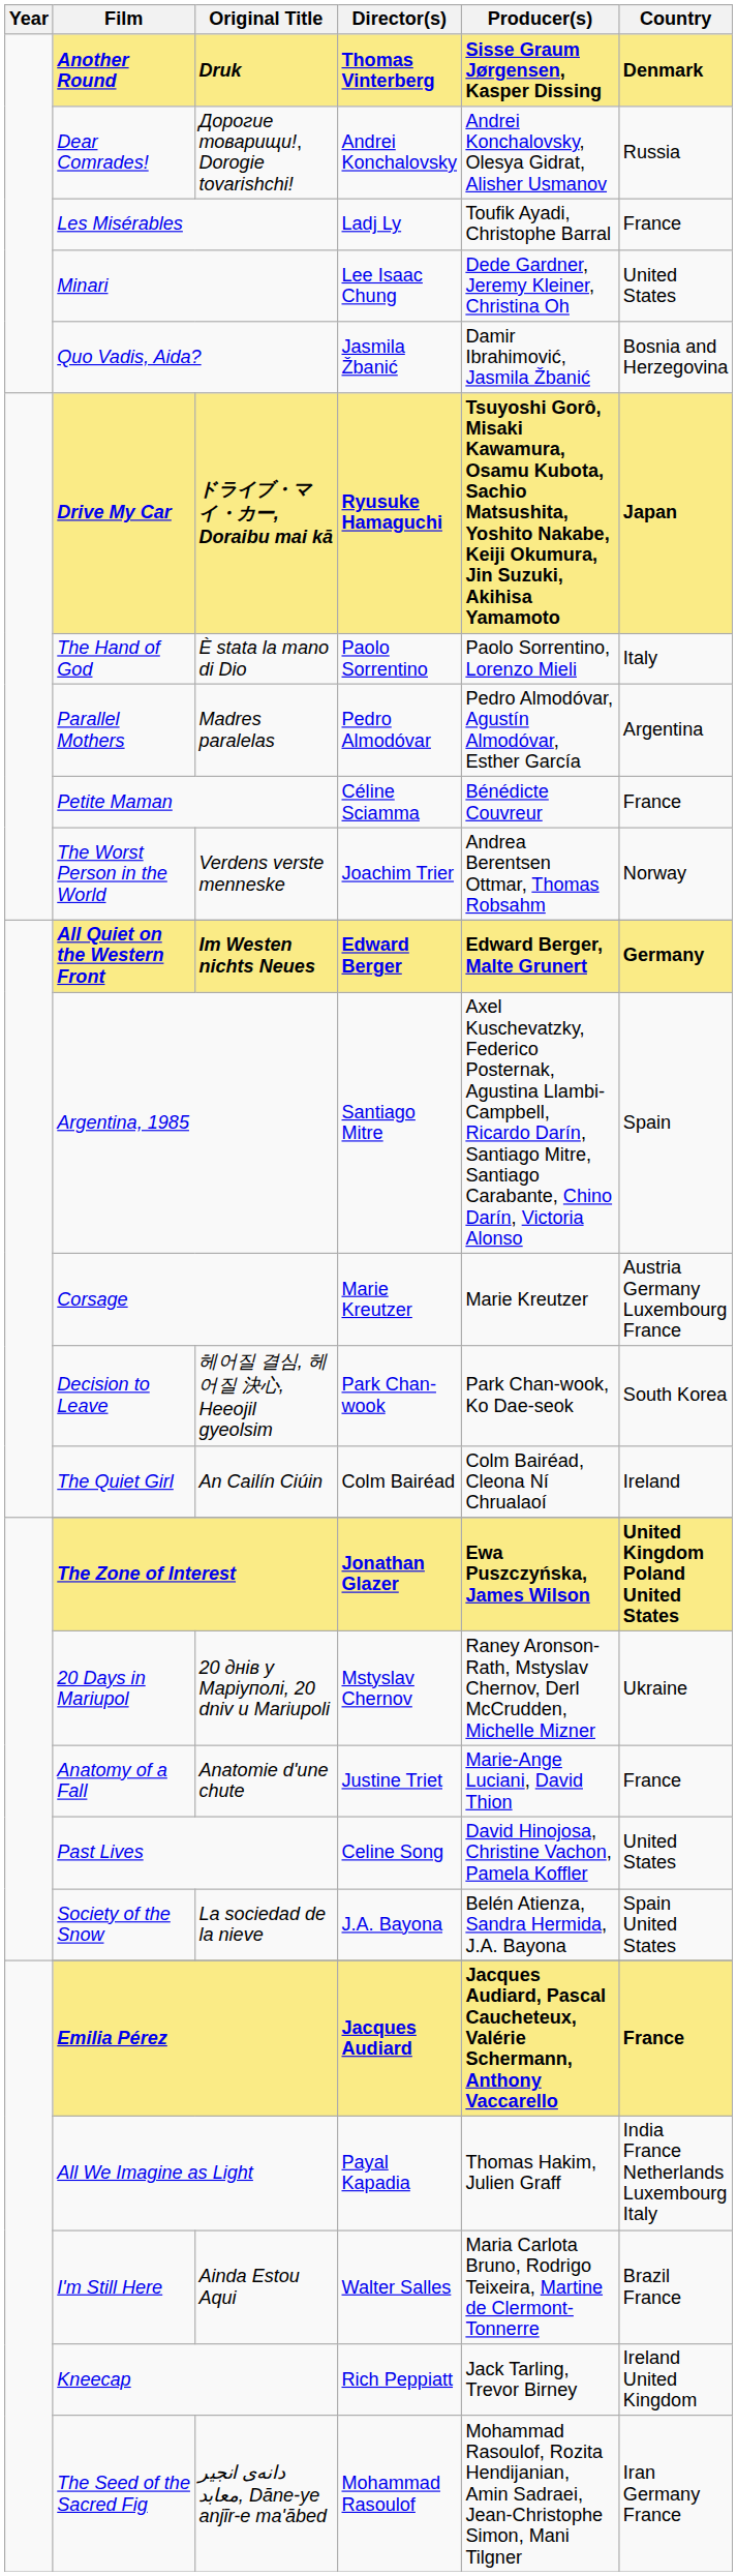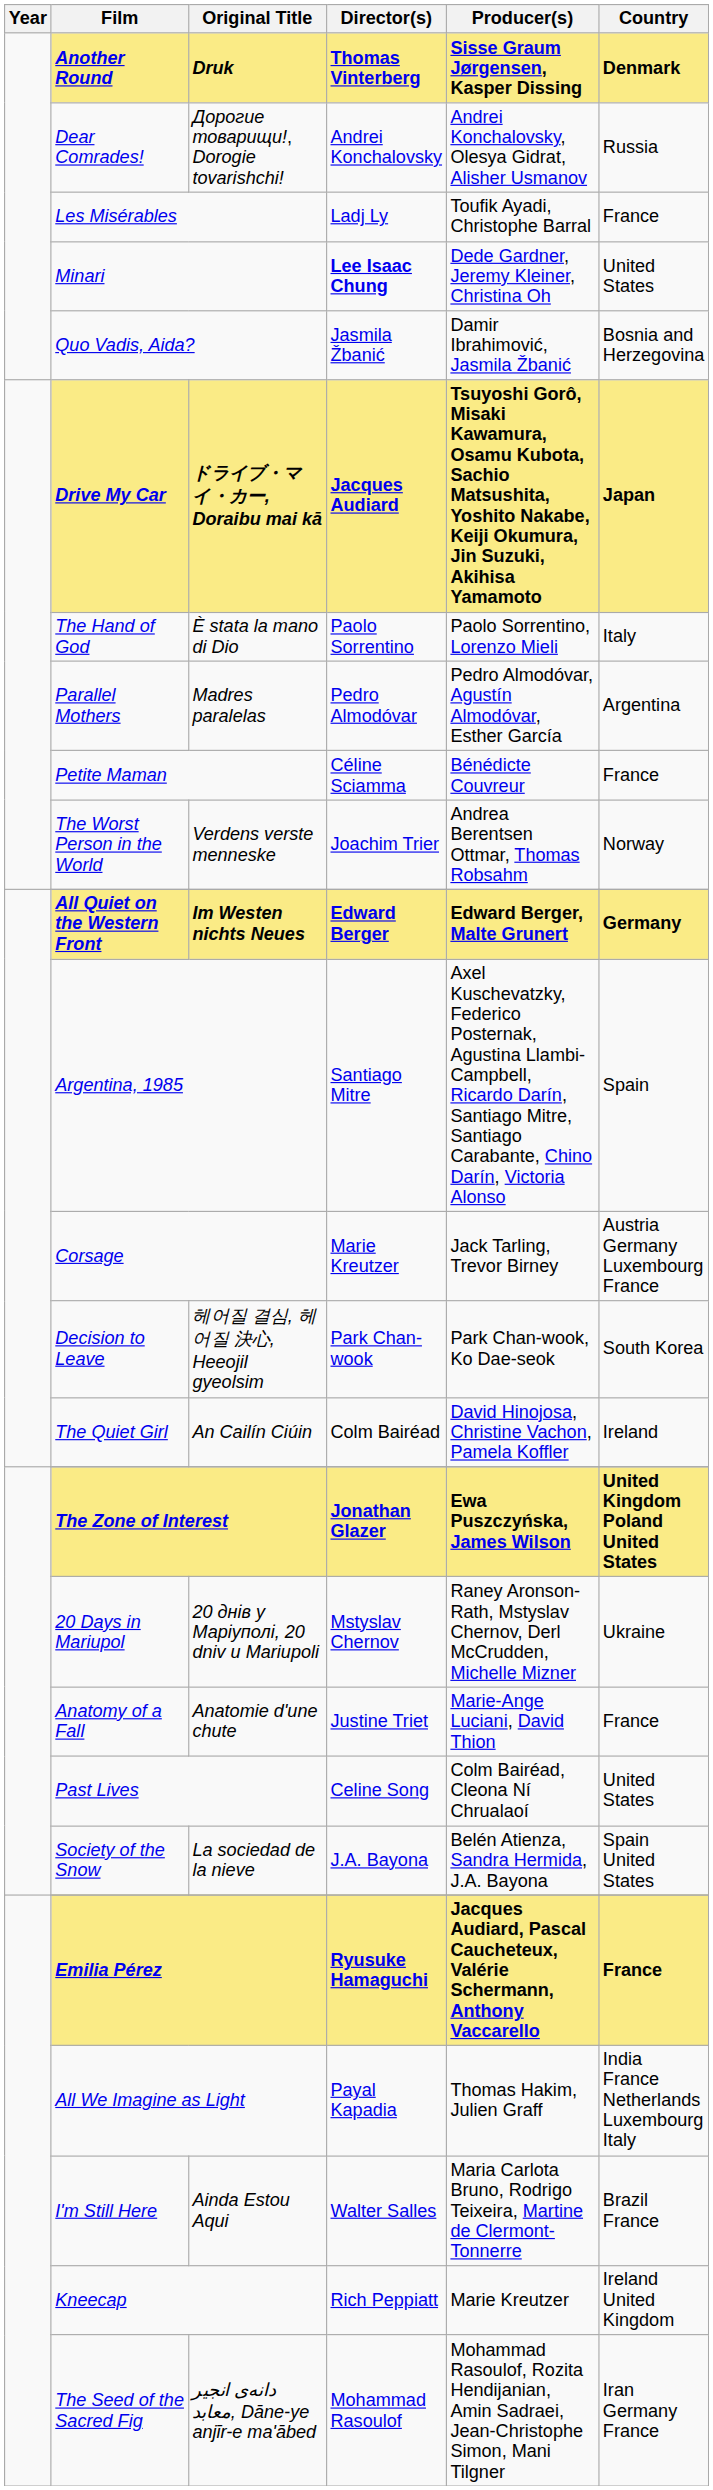 <table class="wikitable" style="width:100%;" cellpadding="5">
 <tr>
 <th style="width:5%;">Year</th>
 <th style="width:20%;">Film</th>
 <th style="width:20%;">Original Title</th>
 <th style="width:15%;">Director(s)</th>
 <th style="width:22%;">Producer(s)</th>
 <th style="width:15%;">Country</th>
 </tr>
 <tr>
 <td rowspan="5"></td>
 <td style="background:#FAEB86"><strong><em><a href='#'>Another Round</a></em></strong></td>
 <td style="background:#FAEB86"><strong><em>Druk</em></strong></td>
 <td style="background:#FAEB86"><strong><a href='#'>Thomas Vinterberg</a></strong></td>
 <td style="background:#FAEB86"><strong><a href='#'>Sisse Graum Jørgensen</a>, Kasper Dissing</strong></td>
 <td style="background:#FAEB86"><strong>Denmark</strong></td>
 </tr>
 <tr>
 <td><em><a href='#'>Dear Comrades!</a></em></td>
 <td><em>Дорогие товарищи!</em>, <em>Dorogie tovarishchi!</em></td>
 <td><a href='#'>Andrei Konchalovsky</a></td>
 <td><a href='#'>Andrei Konchalovsky</a>, Olesya Gidrat, <a href='#'>Alisher Usmanov</a></td>
 <td>Russia</td>
 </tr>
 <tr>
 <td colspan="2"><em><a href='#'>Les Misérables</a></em></td>
 <td><a href='#'>Ladj Ly</a></td>
 <td>Toufik Ayadi, Christophe Barral</td>
 <td>France</td>
 </tr>
 <tr>
 <td colspan="2"><em><a href='#'>Minari</a></em></td>
-<td><a href='#'>Lee Isaac Chung</a></td>
+<td><strong><a href='#'>Lee Isaac Chung</a></strong></td>
 <td><a href='#'>Dede Gardner</a>, <a href='#'>Jeremy Kleiner</a>, <a href='#'>Christina Oh</a></td>
 <td>United States</td>
 </tr>
 <tr>
 <td colspan="2"><em><a href='#'>Quo Vadis, Aida?</a></em></td>
 <td><a href='#'>Jasmila Žbanić</a></td>
 <td>Damir Ibrahimović, <a href='#'>Jasmila Žbanić</a></td>
 <td>Bosnia and Herzegovina</td>
 </tr>
 <tr>
 <td rowspan="5"></td>
 <td style="background:#FAEB86"><strong><em><a href='#'>Drive My Car</a></em></strong></td>
 <td style="background:#FAEB86"><strong><em>ドライブ・マイ・カー<em>, </em>Doraibu mai kā</em></strong></td>
-<td style="background:#FAEB86"><strong><a href='#'>Ryusuke Hamaguchi</a></strong></td>
+<td style="background:#FAEB86"><strong><a href='#'>Jacques Audiard</a></strong></td>
 <td style="background:#FAEB86"><strong>Tsuyoshi Gorô, Misaki Kawamura, Osamu Kubota, Sachio Matsushita, Yoshito Nakabe, Keiji Okumura, Jin Suzuki, Akihisa Yamamoto</strong></td>
 <td style="background:#FAEB86"><strong>Japan</strong></td>
 </tr>
 <tr>
 <td><em><a href='#'>The Hand of God</a></em></td>
 <td><em>È stata la mano di Dio</em></td>
 <td><a href='#'>Paolo Sorrentino</a></td>
 <td>Paolo Sorrentino, <a href='#'>Lorenzo Mieli</a></td>
 <td>Italy</td>
 </tr>
 <tr>
 <td><em><a href='#'>Parallel Mothers</a></em></td>
 <td><em>Madres paralelas</em></td>
 <td><a href='#'>Pedro Almodóvar</a></td>
 <td>Pedro Almodóvar, <a href='#'>Agustín Almodóvar</a>, Esther García</td>
 <td>Argentina</td>
 </tr>
 <tr>
 <td colspan="2"><em><a href='#'>Petite Maman</a></em></td>
 <td><a href='#'>Céline Sciamma</a></td>
 <td><a href='#'>Bénédicte Couvreur</a></td>
 <td>France</td>
 </tr>
 <tr>
 <td><em><a href='#'>The Worst Person in the World</a></em></td>
 <td><em>Verdens verste menneske</em></td>
 <td><a href='#'>Joachim Trier</a></td>
 <td>Andrea Berentsen Ottmar, <a href='#'>Thomas Robsahm</a></td>
 <td>Norway</td>
 </tr>
 <tr>
 <td rowspan="6"></td>
 </tr>
 <tr>
 <td style="background:#FAEB86"><strong><em><a href='#'>All Quiet on the Western Front</a></em></strong></td>
 <td style="background:#FAEB86"><strong><em>Im Westen nichts Neues</em></strong></td>
 <td style="background:#FAEB86"><strong><a href='#'>Edward Berger</a></strong></td>
 <td style="background:#FAEB86"><strong>Edward Berger, <a href='#'>Malte Grunert</a></strong></td>
 <td style="background:#FAEB86"><strong>Germany</strong></td>
 </tr>
 <tr>
 <td colspan="2"><em><a href='#'>Argentina, 1985</a></em></td>
 <td><a href='#'>Santiago Mitre</a></td>
 <td>Axel Kuschevatzky, Federico Posternak, Agustina Llambi-Campbell, <a href='#'>Ricardo Darín</a>, Santiago Mitre, Santiago Carabante, <a href='#'>Chino Darín</a>, <a href='#'>Victoria Alonso</a></td>
 <td>Spain</td>
 </tr>
 <tr>
 <td colspan="2"><em><a href='#'>Corsage</a></em></td>
 <td><a href='#'>Marie Kreutzer</a></td>
-<td>Marie Kreutzer</td>
+<td>Jack Tarling, Trevor Birney</td>
 <td>Austria<br>Germany<br>Luxembourg<br>France</td>
 </tr>
 <tr>
 <td><em><a href='#'>Decision to Leave</a></em></td>
 <td><em>헤어질 결심, 헤어질 決心, Heeojil gyeolsim</em></td>
 <td><a href='#'>Park Chan-wook</a></td>
 <td>Park Chan-wook, Ko Dae-seok</td>
 <td>South Korea</td>
 </tr>
 <tr>
 <td><em><a href='#'>The Quiet Girl</a></em></td>
 <td><em>An Cailín Ciúin</em></td>
 <td>Colm Bairéad</td>
-<td>Colm Bairéad, Cleona Ní Chrualaoí</td>
+<td><a href='#'>David Hinojosa</a>, <a href='#'>Christine Vachon</a>, <a href='#'>Pamela Koffler</a></td>
 <td>Ireland</td>
 </tr>
 <tr>
 <td rowspan="6"></td>
 </tr>
 <tr>
 <td colspan="2" style="background:#FAEB86"><strong><em><a href='#'>The Zone of Interest</a></em></strong></td>
 <td style="background:#FAEB86"><strong><a href='#'>Jonathan Glazer</a></strong></td>
 <td style="background:#FAEB86"><strong>Ewa Puszczyńska, <a href='#'>James Wilson</a></strong></td>
 <td style="background:#FAEB86"><strong>United Kingdom<br>Poland<br>United States</strong></td>
 </tr>
 <tr>
 <td><em><a href='#'>20 Days in Mariupol</a></em></td>
 <td><em>20 днів у Маріуполі, 20 dniv u Mariupoli</em></td>
 <td><a href='#'>Mstyslav Chernov</a></td>
 <td>Raney Aronson-Rath, Mstyslav Chernov, Derl McCrudden, <a href='#'>Michelle Mizner</a></td>
 <td>Ukraine</td>
 </tr>
 <tr>
 <td><em><a href='#'>Anatomy of a Fall</a></em></td>
 <td><em>Anatomie d'une chute</em></td>
 <td><a href='#'>Justine Triet</a></td>
 <td><a href='#'>Marie-Ange Luciani</a>, <a href='#'>David Thion</a></td>
 <td>France</td>
 </tr>
 <tr>
 <td colspan="2"><em><a href='#'>Past Lives</a></em></td>
 <td><a href='#'>Celine Song</a></td>
-<td><a href='#'>David Hinojosa</a>, <a href='#'>Christine Vachon</a>, <a href='#'>Pamela Koffler</a></td>
+<td>Colm Bairéad, Cleona Ní Chrualaoí</td>
 <td>United States</td>
 </tr>
 <tr>
 <td><em><a href='#'>Society of the Snow</a></em></td>
 <td><em>La sociedad de la nieve</em></td>
 <td><a href='#'>J.A. Bayona</a></td>
 <td>Belén Atienza, <a href='#'>Sandra Hermida</a>, J.A. Bayona</td>
 <td>Spain<br>United States</td>
 </tr>
 <tr>
 <td rowspan="6"></td>
 </tr>
 <tr>
 <td colspan="2" style="background:#FAEB86"><strong><em><a href='#'>Emilia Pérez</a></em></strong></td>
-<td style="background:#FAEB86"><strong><a href='#'>Jacques Audiard</a></strong></td>
+<td style="background:#FAEB86"><strong><a href='#'>Ryusuke Hamaguchi</a></strong></td>
 <td style="background:#FAEB86"><strong>Jacques Audiard, Pascal Caucheteux, Valérie Schermann, <a href='#'>Anthony Vaccarello</a></strong></td>
 <td style="background:#FAEB86"><strong>France</strong></td>
 </tr>
 <tr>
 <td colspan="2"><em><a href='#'>All We Imagine as Light</a></em></td>
 <td><a href='#'>Payal Kapadia</a></td>
 <td>Thomas Hakim, Julien Graff</td>
 <td>India<br>France<br>Netherlands<br>Luxembourg<br>Italy</td>
 </tr>
 <tr>
 <td><em><a href='#'>I'm Still Here</a></em></td>
 <td><em>Ainda Estou Aqui</em></td>
 <td><a href='#'>Walter Salles</a></td>
 <td>Maria Carlota Bruno, Rodrigo Teixeira, <a href='#'>Martine de Clermont-Tonnerre</a></td>
 <td>Brazil<br>France</td>
 </tr>
 <tr>
 <td colspan="2"><em><a href='#'>Kneecap</a></em></td>
 <td><a href='#'>Rich Peppiatt</a></td>
-<td>Jack Tarling, Trevor Birney</td>
+<td>Marie Kreutzer</td>
 <td>Ireland<br>United Kingdom</td>
 </tr>
 <tr>
 <td><em><a href='#'>The Seed of the Sacred Fig</a></em></td>
 <td><em>دانه‌ی انجیر معابد, Dāne-ye anjīr-e ma'ābed</em></td>
 <td><a href='#'>Mohammad Rasoulof</a></td>
 <td>Mohammad Rasoulof, Rozita Hendijanian, Amin Sadraei, Jean-Christophe Simon, Mani Tilgner</td>
 <td>Iran<br>Germany<br>France</td>
 </tr>
 </table>
